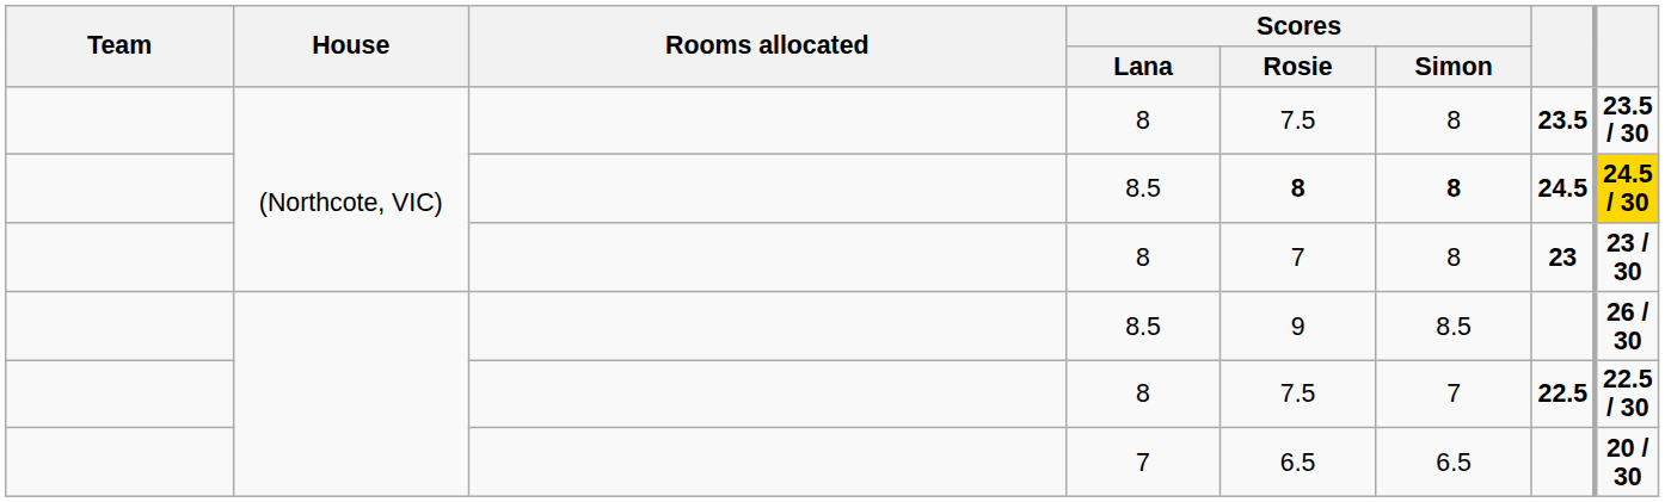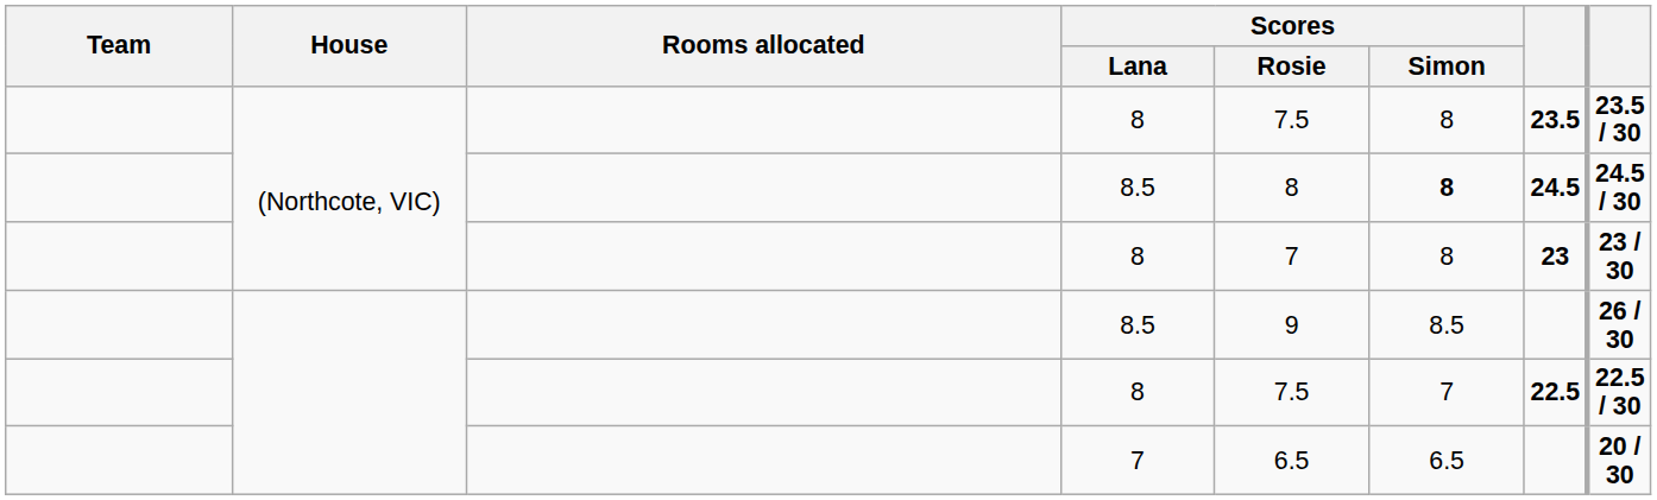 <table class="wikitable plainrowheaders" style="text-align:center; font-size:90%; width:65em;">
 <tr>
 <th rowspan="2">Team</th>
 <th rowspan="2">House</th>
 <th rowspan="2" style="width:40%;">Rooms allocated</th>
 <th colspan="3" style="width:30%;">Scores</th>
 <th rowspan="2" style="width:15%;"></th>
 <th rowspan="2" style="width:15%; border-left:3px solid #aaa;"></th>
 </tr>
 <tr>
 <th style="width:10%;">Lana</th>
 <th style="width:10%;">Rosie</th>
 <th style="width:10%;">Simon</th>
 </tr>
 <tr>
 <td style="width:15%;"></td>
 <td rowspan=3 style="width:15%;"><br>(Northcote, VIC)</td>
 <td></td>
 <td>8</td>
 <td>7.5</td>
 <td>8</td>
 <td><strong>23.5</strong></td>
 <td style="border-left:3px solid #aaa;"><strong> 23.5 / 30</strong></td>
 </tr>
 <tr>
 <td style="width:15%;"></td>
 <td></td>
 <td>8.5</td>
-<td><strong>8</strong></td>
+<td>8</td>
 <td><strong>8</strong></td>
 <td><strong>24.5</strong></td>
-<td style="background: gold; border-left:3px solid #aaa;"><strong> 24.5 / 30</strong></td>
+<td style="border-left:3px solid #aaa;"><strong> 24.5 / 30</strong></td>
 </tr>
 <tr>
 <td style="width:15%;"></td>
 <td></td>
 <td>8</td>
 <td>7</td>
 <td>8</td>
 <td><strong>23</strong></td>
 <td style="border-left:3px solid #aaa;"><strong> 23 / 30</strong></td>
 </tr>
 <tr>
 <td style="width:15%;"></td>
 <td rowspan=3 style="width:15%;"><br></td>
 <td></td>
 <td>8.5</td>
 <td>9</td>
 <td>8.5</td>
 <td></td>
 <td style="border-left:3px solid #aaa;"><strong> 26 / 30</strong></td>
 </tr>
 <tr>
 <td style="width:15%;"></td>
 <td></td>
 <td>8</td>
 <td>7.5</td>
 <td>7</td>
 <td><strong>22.5</strong></td>
 <td style="border-left:3px solid #aaa;"><strong> 22.5 / 30</strong></td>
 </tr>
 <tr>
 <td style="width:15%;"></td>
 <td></td>
 <td>7</td>
 <td>6.5</td>
 <td>6.5</td>
 <td></td>
 <td style="border-left:3px solid #aaa;"><strong> 20 / 30</strong></td>
 </tr>
 </table>
